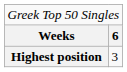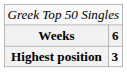 <table class="wikitable">
 <tr>
 <td align="center" colspan="31"><em>Greek Top 50 Singles</em></td>
 </tr>
 <tr>
 <th align="center">Weeks</th>
 <th>6</th>
 </tr>
 <tr>
 <th align="center" style="background-color: #white;">Highest position</th>
-<td>3</td>
+<td><strong>3</strong></td>
 </tr>
 </table>
